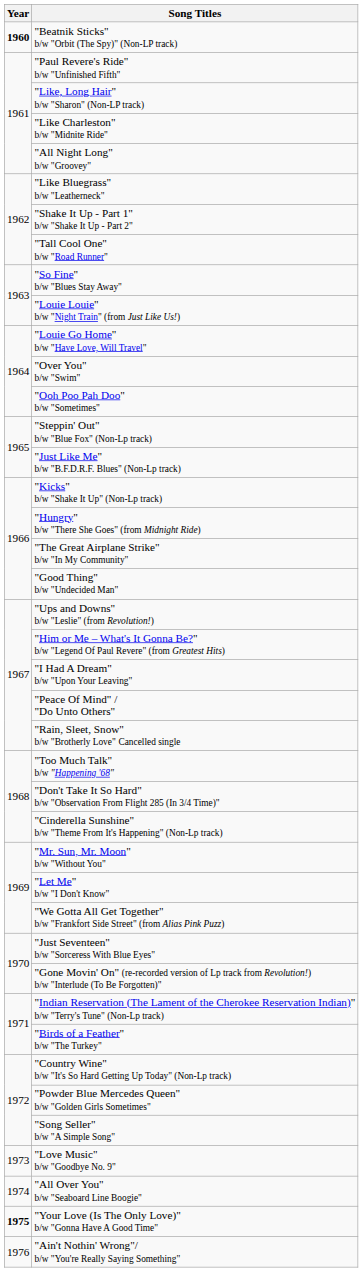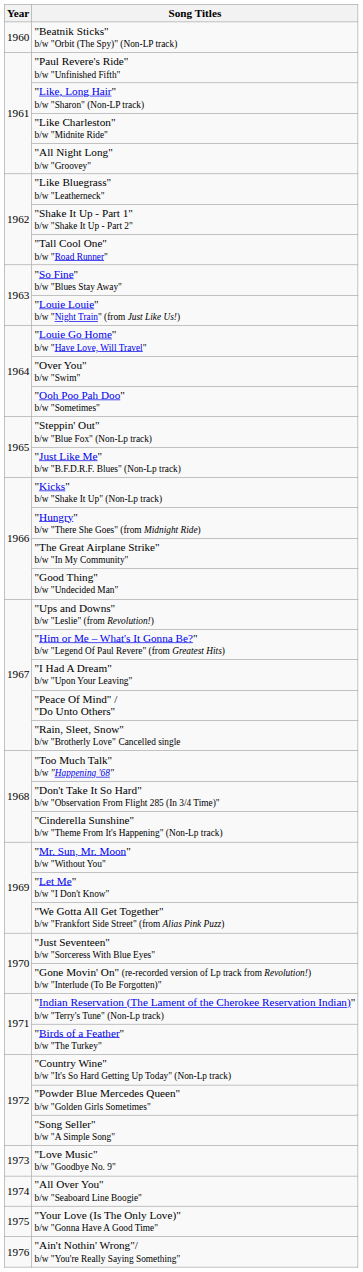 <table class="wikitable">
 <tr>
 <th>Year</th>
 <th>Song Titles</th>
 </tr>
 <tr>
-<td><strong>1960</strong></td>
+<td>1960</td>
 <td>"Beatnik Sticks"<br><small>b/w "Orbit (The Spy)" (Non-LP track)</small></td>
 </tr>
 <tr>
 <td rowspan="4">1961</td>
 <td>"Paul Revere's Ride"<br><small>b/w "Unfinished Fifth"</small></td>
 </tr>
 <tr>
 <td>"<a href='#'>Like, Long Hair</a>"<br><small>b/w "Sharon" (Non-LP track)</small></td>
 </tr>
 <tr>
 <td>"Like Charleston"<br><small>b/w "Midnite Ride"</small></td>
 </tr>
 <tr>
 <td>"All Night Long"<br><small>b/w "Groovey"</small></td>
 </tr>
 <tr>
 <td rowspan="3">1962</td>
 <td>"Like Bluegrass"<br><small>b/w "Leatherneck"</small></td>
 </tr>
 <tr>
 <td>"Shake It Up - Part 1"<br><small>b/w "Shake It Up - Part 2"</small></td>
 </tr>
 <tr>
 <td>"Tall Cool One"<br><small>b/w "<a href='#'>Road Runner</a>"</small></td>
 </tr>
 <tr>
 <td rowspan="2">1963</td>
 <td>"<a href='#'>So Fine</a>"<br><small>b/w "Blues Stay Away"</small></td>
 </tr>
 <tr>
 <td>"<a href='#'>Louie Louie</a>"<br><small>b/w "<a href='#'>Night Train</a>" (from <em>Just Like Us!</em>)</small></td>
 </tr>
 <tr>
 <td rowspan="3">1964</td>
 <td>"<a href='#'>Louie Go Home</a>"<br><small>b/w "<a href='#'>Have Love, Will Travel</a>"</small></td>
 </tr>
 <tr>
 <td>"Over You"<br><small>b/w "Swim"</small></td>
 </tr>
 <tr>
 <td>"<a href='#'>Ooh Poo Pah Doo</a>"<br><small>b/w "Sometimes"</small></td>
 </tr>
 <tr>
 <td rowspan="2">1965</td>
 <td>"Steppin' Out"<br><small>b/w "Blue Fox" (Non-Lp track)</small></td>
 </tr>
 <tr>
 <td>"<a href='#'>Just Like Me</a>"<br><small>b/w "B.F.D.R.F. Blues" (Non-Lp track)</small></td>
 </tr>
 <tr>
 <td rowspan="4">1966</td>
 <td>"<a href='#'>Kicks</a>"<br><small>b/w "Shake It Up" (Non-Lp track)</small></td>
 </tr>
 <tr>
 <td>"<a href='#'>Hungry</a>"<br><small>b/w "There She Goes" (from <em>Midnight Ride</em>)</small></td>
 </tr>
 <tr>
 <td>"The Great Airplane Strike"<br><small>b/w "In My Community"</small></td>
 </tr>
 <tr>
 <td>"Good Thing"<br><small>b/w "Undecided Man"</small></td>
 </tr>
 <tr>
 <td rowspan="5">1967</td>
 <td>"Ups and Downs"<br><small>b/w "Leslie" (from <em>Revolution!</em>)</small></td>
 </tr>
 <tr>
 <td>"<a href='#'>Him or Me – What's It Gonna Be?</a>"<br><small>b/w "Legend Of Paul Revere" (from <em>Greatest Hits</em>)</small></td>
 </tr>
 <tr>
 <td>"I Had A Dream"<br><small>b/w "Upon Your Leaving"</small></td>
 </tr>
 <tr>
 <td>"Peace Of Mind" /<br>"Do Unto Others"</td>
 </tr>
 <tr>
 <td>"Rain, Sleet, Snow"<br><small>b/w "Brotherly Love"</small> <small>Cancelled single</small></td>
 </tr>
 <tr>
 <td rowspan="3">1968</td>
 <td>"Too Much Talk"<br><small>b/w <em>"<a href='#'>Happening '68</a>"</em></small></td>
 </tr>
 <tr>
 <td>"Don't Take It So Hard"<br><small>b/w "Observation From Flight 285 (In 3/4 Time)"</small></td>
 </tr>
 <tr>
 <td>"Cinderella Sunshine"<br><small>b/w "Theme From It's Happening" (Non-Lp track)</small></td>
 </tr>
 <tr>
 <td rowspan="3">1969</td>
 <td>"<a href='#'>Mr. Sun, Mr. Moon</a>"<br><small>b/w "Without You"</small></td>
 </tr>
 <tr>
 <td>"<a href='#'>Let Me</a>"<br><small>b/w "I Don't Know"</small></td>
 </tr>
 <tr>
 <td>"We Gotta All Get Together"<br><small>b/w "Frankfort Side Street" (from <em>Alias Pink Puzz</em>)</small></td>
 </tr>
 <tr>
 <td rowspan="2">1970</td>
 <td>"Just Seventeen"<br><small>b/w "Sorceress With Blue Eyes"</small></td>
 </tr>
 <tr>
 <td>"Gone Movin' On" <small>(re-recorded version of Lp track from <em>Revolution!</em>)</small><br><small>b/w "Interlude (To Be Forgotten)"</small></td>
 </tr>
 <tr>
 <td rowspan="2">1971</td>
 <td>"<a href='#'>Indian Reservation (The Lament of the Cherokee Reservation Indian)</a>"<br><small>b/w "Terry's Tune" (Non-Lp track)</small></td>
 </tr>
 <tr>
 <td>"<a href='#'>Birds of a Feather</a>"<br><small>b/w "The Turkey"</small></td>
 </tr>
 <tr>
 <td rowspan="3">1972</td>
 <td>"Country Wine"<br><small>b/w "It's So Hard Getting Up Today" (Non-Lp track)</small></td>
 </tr>
 <tr>
 <td>"Powder Blue Mercedes Queen"<br><small>b/w "Golden Girls Sometimes"</small></td>
 </tr>
 <tr>
 <td>"Song Seller"<br><small>b/w "A Simple Song"</small></td>
 </tr>
 <tr>
 <td>1973</td>
 <td>"Love Music"<br><small>b/w "Goodbye No. 9"</small></td>
 </tr>
 <tr>
 <td>1974</td>
 <td>"All Over You"<br><small>b/w "Seaboard Line Boogie"</small></td>
 </tr>
 <tr>
-<td><strong>1975</strong></td>
+<td>1975</td>
 <td>"Your Love (Is The Only Love)"<br><small>b/w "Gonna Have A Good Time"</small></td>
 </tr>
 <tr>
 <td>1976</td>
 <td>"Ain't Nothin' Wrong"/<br><small>b/w "You're Really Saying Something"</small></td>
 </tr>
 </table>
